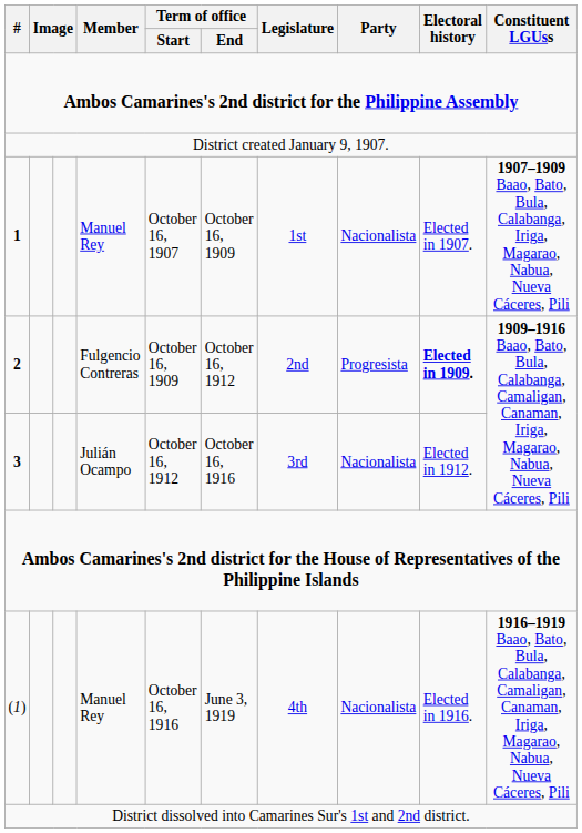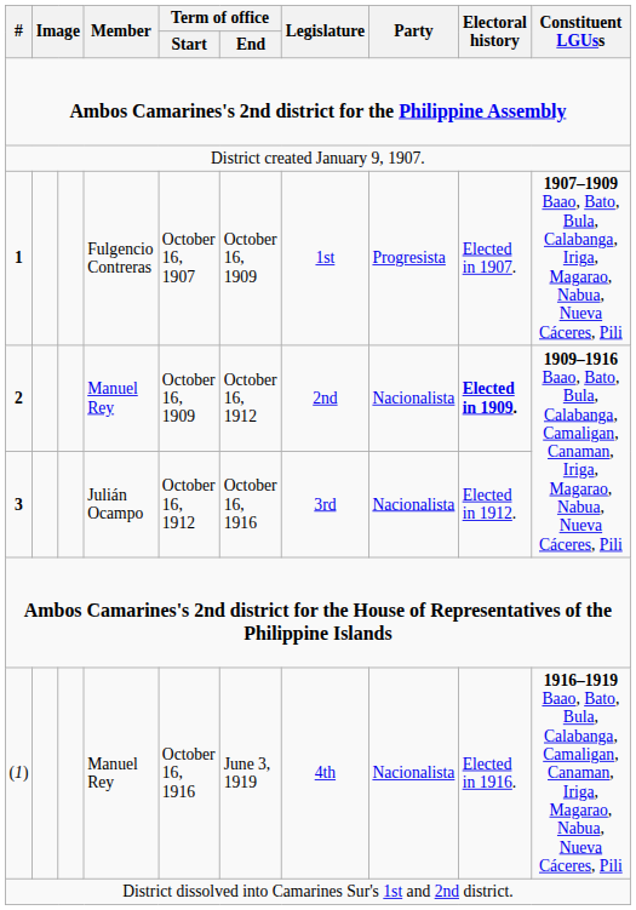 <table class=wikitable>
 <tr>
 <th rowspan="2">#</th>
 <th rowspan="2" colspan=2>Image</th>
 <th rowspan="2">Member</th>
 <th colspan=2>Term of office</th>
 <th rowspan="2">Legislature</th>
 <th rowspan="2">Party</th>
 <th rowspan="2">Electoral history</th>
 <th rowspan="2">Constituent<br><a href='#'>LGUs</a>s</th>
 </tr>
 <tr>
 <th>Start</th>
 <th>End</th>
 </tr>
 <tr>
 <td colspan="10" style="text-align:center;"><br><h3>Ambos Camarines's 2nd district for the <a href='#'>Philippine Assembly</a></h3></td>
 </tr>
 <tr>
 <td colspan="10" style="text-align:center;">District created January 9, 1907.</td>
 </tr>
 <tr>
 <td style="text-align:center;"><strong>1</strong></td>
 <td style="background:"></td>
 <td></td>
-<td><a href='#'>Manuel Rey</a></td>
+<td>Fulgencio Contreras</td>
 <td>October 16, 1907</td>
 <td>October 16, 1909</td>
 <td style="text-align:center;"><a href='#'>1st</a></td>
-<td><a href='#'>Nacionalista</a></td>
+<td><a href='#'>Progresista</a></td>
 <td><a href='#'>Elected in 1907</a>.</td>
 <td style="text-align:center;"><strong>1907–1909</strong><br><a href='#'>Baao</a>, <a href='#'>Bato</a>, <a href='#'>Bula</a>, <a href='#'>Calabanga</a>, <a href='#'>Iriga</a>, <a href='#'>Magarao</a>, <a href='#'>Nabua</a>, <a href='#'>Nueva Cáceres</a>, <a href='#'>Pili</a></td>
 </tr>
 <tr>
 <td style="text-align:center;"><strong>2</strong></td>
 <td style="background:"></td>
 <td></td>
-<td>Fulgencio Contreras</td>
+<td><a href='#'>Manuel Rey</a></td>
 <td>October 16, 1909</td>
 <td>October 16, 1912</td>
 <td style="text-align:center;"><a href='#'>2nd</a></td>
-<td><a href='#'>Progresista</a></td>
+<td><a href='#'>Nacionalista</a></td>
 <td><strong><a href='#'>Elected in 1909</a>.</strong></td>
 <td rowspan="2" style="text-align:center;"><strong>1909–1916</strong><br><a href='#'>Baao</a>, <a href='#'>Bato</a>, <a href='#'>Bula</a>, <a href='#'>Calabanga</a>, <a href='#'>Camaligan</a>, <a href='#'>Canaman</a>, <a href='#'>Iriga</a>, <a href='#'>Magarao</a>, <a href='#'>Nabua</a>, <a href='#'>Nueva Cáceres</a>, <a href='#'>Pili</a></td>
 </tr>
 <tr>
 <td style="text-align:center;"><strong>3</strong></td>
 <td style="background:"></td>
 <td></td>
 <td>Julián Ocampo</td>
 <td>October 16, 1912</td>
 <td>October 16, 1916</td>
 <td style="text-align:center;"><a href='#'>3rd</a></td>
 <td><a href='#'>Nacionalista</a></td>
 <td><a href='#'>Elected in 1912</a>.</td>
 </tr>
 <tr>
 <td colspan="10" style="text-align:center;"><br><h3>Ambos Camarines's 2nd district for the House of Representatives of the Philippine Islands</h3></td>
 </tr>
 <tr>
 <td style="text-align:center;">(<em>1</em>)</td>
 <td style="background:"></td>
 <td></td>
 <td>Manuel Rey</td>
 <td>October 16, 1916</td>
 <td>June 3, 1919</td>
 <td style="text-align:center;"><a href='#'>4th</a></td>
 <td><a href='#'>Nacionalista</a></td>
 <td><a href='#'>Elected in 1916</a>.</td>
 <td style="text-align:center;"><strong>1916–1919</strong><br><a href='#'>Baao</a>, <a href='#'>Bato</a>, <a href='#'>Bula</a>, <a href='#'>Calabanga</a>, <a href='#'>Camaligan</a>, <a href='#'>Canaman</a>, <a href='#'>Iriga</a>, <a href='#'>Magarao</a>, <a href='#'>Nabua</a>, <a href='#'>Nueva Cáceres</a>, <a href='#'>Pili</a></td>
 </tr>
 <tr>
 <td colspan="10" style="text-align:center;">District dissolved into Camarines Sur's <a href='#'>1st</a> and <a href='#'>2nd</a> district.</td>
 </tr>
 </table>
